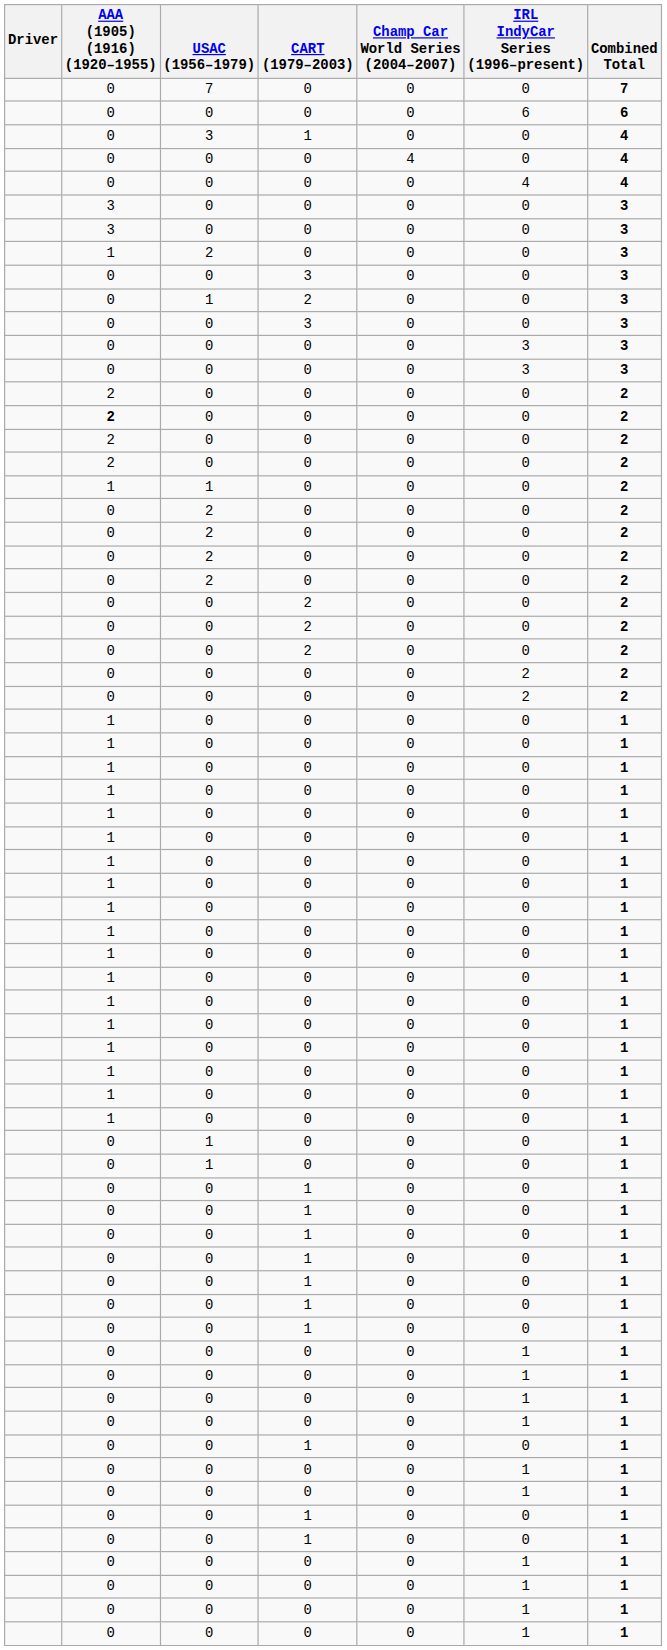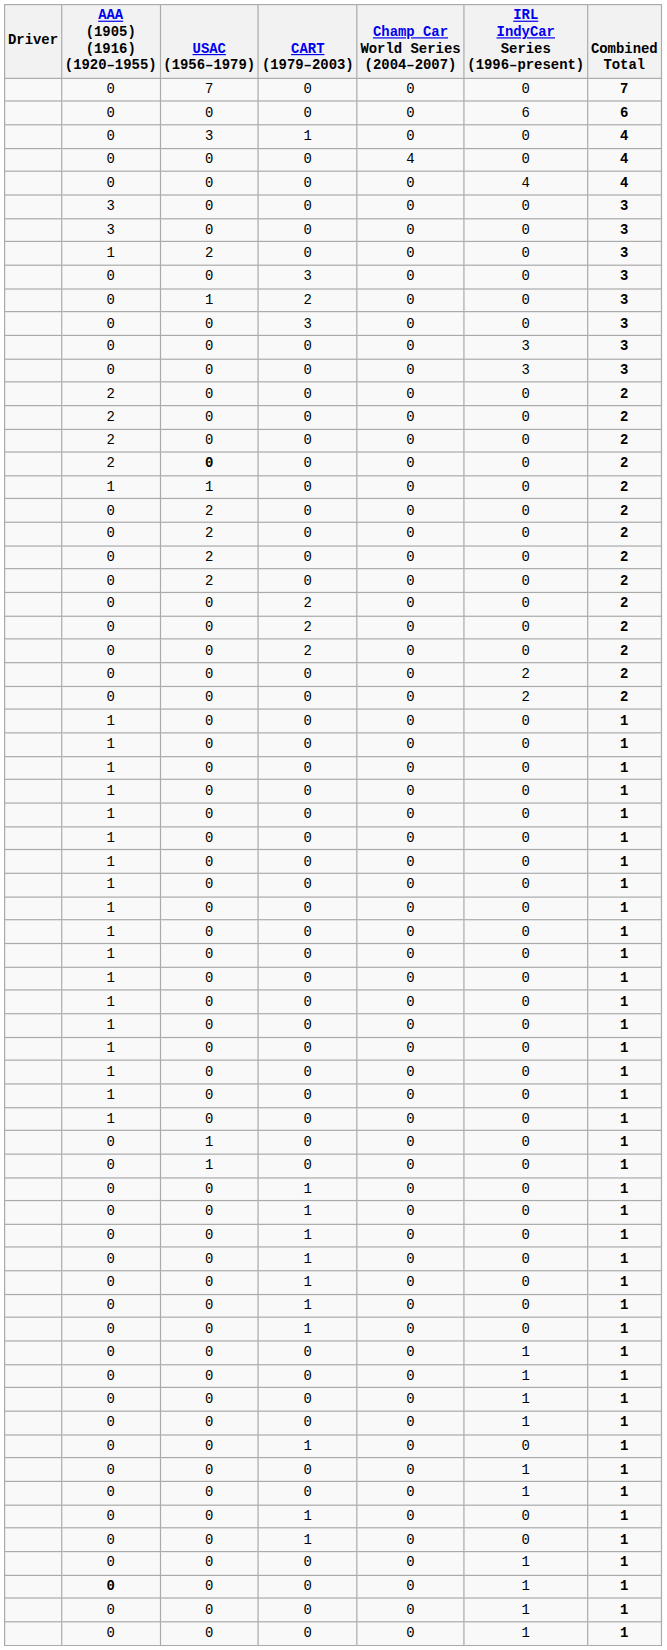 <table class="wikitable sortable" style="margin-top:0; text-align:center; font-size:90%;">
 <tr>
 <th>Driver</th>
 <th valign="bottom"><a href='#'>AAA</a><br>(1905)<br>(1916)<br>(1920–1955)<br></th>
 <th valign="bottom"><a href='#'>USAC</a><br>(1956–1979)<br></th>
 <th valign="bottom"><a href='#'>CART</a><br>(1979–2003)<br></th>
 <th valign="bottom"><a href='#'>Champ Car</a><br>World Series<br>(2004–2007)<br></th>
 <th valign="bottom"><a href='#'>IRL</a><br><a href='#'>IndyCar</a><br>Series<br>(1996–present)<br></th>
 <th valign="bottom">Combined<br>Total</th>
 </tr>
 <tr>
 <td align=left> </td>
 <td>0</td>
 <td>7</td>
 <td>0</td>
 <td>0</td>
 <td>0</td>
 <td><strong>7</strong></td>
 </tr>
 <tr>
 <td align=left> </td>
 <td>0</td>
 <td>0</td>
 <td>0</td>
 <td>0</td>
 <td>6</td>
 <td><strong>6</strong></td>
 </tr>
 <tr>
 <td align=left> </td>
 <td>0</td>
 <td>3</td>
 <td>1</td>
 <td>0</td>
 <td>0</td>
 <td><strong>4</strong></td>
 </tr>
 <tr>
 <td align=left> </td>
 <td>0</td>
 <td>0</td>
 <td>0</td>
 <td>4</td>
 <td>0</td>
 <td><strong>4</strong></td>
 </tr>
 <tr>
 <td align=left> </td>
 <td>0</td>
 <td>0</td>
 <td>0</td>
 <td>0</td>
 <td>4</td>
 <td><strong>4</strong></td>
 </tr>
 <tr>
 <td align=left> </td>
 <td>3</td>
 <td>0</td>
 <td>0</td>
 <td>0</td>
 <td>0</td>
 <td><strong>3</strong></td>
 </tr>
 <tr>
 <td align=left> </td>
 <td>3</td>
 <td>0</td>
 <td>0</td>
 <td>0</td>
 <td>0</td>
 <td><strong>3</strong></td>
 </tr>
 <tr>
 <td align=left> </td>
 <td>1</td>
 <td>2</td>
 <td>0</td>
 <td>0</td>
 <td>0</td>
 <td><strong>3</strong></td>
 </tr>
 <tr>
 <td align=left> </td>
 <td>0</td>
 <td>0</td>
 <td>3</td>
 <td>0</td>
 <td>0</td>
 <td><strong>3</strong></td>
 </tr>
 <tr>
 <td align=left> </td>
 <td>0</td>
 <td>1</td>
 <td>2</td>
 <td>0</td>
 <td>0</td>
 <td><strong>3</strong></td>
 </tr>
 <tr>
 <td align=left> </td>
 <td>0</td>
 <td>0</td>
 <td>3</td>
 <td>0</td>
 <td>0</td>
 <td><strong>3</strong></td>
 </tr>
 <tr>
 <td align=left> </td>
 <td>0</td>
 <td>0</td>
 <td>0</td>
 <td>0</td>
 <td>3</td>
 <td><strong>3</strong></td>
 </tr>
 <tr>
 <td align=left> </td>
 <td>0</td>
 <td>0</td>
 <td>0</td>
 <td>0</td>
 <td>3</td>
 <td><strong>3</strong></td>
 </tr>
 <tr>
 <td align=left> </td>
 <td>2</td>
 <td>0</td>
 <td>0</td>
 <td>0</td>
 <td>0</td>
 <td><strong>2</strong></td>
 </tr>
 <tr>
 <td align=left> </td>
-<td><strong>2</strong></td>
+<td>2</td>
 <td>0</td>
 <td>0</td>
 <td>0</td>
 <td>0</td>
 <td><strong>2</strong></td>
 </tr>
 <tr>
 <td align=left> </td>
 <td>2</td>
 <td>0</td>
 <td>0</td>
 <td>0</td>
 <td>0</td>
 <td><strong>2</strong></td>
 </tr>
 <tr>
 <td align=left> </td>
 <td>2</td>
-<td>0</td>
+<td><strong>0</strong></td>
 <td>0</td>
 <td>0</td>
 <td>0</td>
 <td><strong>2</strong></td>
 </tr>
 <tr>
 <td align=left> </td>
 <td>1</td>
 <td>1</td>
 <td>0</td>
 <td>0</td>
 <td>0</td>
 <td><strong>2</strong></td>
 </tr>
 <tr>
 <td align=left> </td>
 <td>0</td>
 <td>2</td>
 <td>0</td>
 <td>0</td>
 <td>0</td>
 <td><strong>2</strong></td>
 </tr>
 <tr>
 <td align=left> </td>
 <td>0</td>
 <td>2</td>
 <td>0</td>
 <td>0</td>
 <td>0</td>
 <td><strong>2</strong></td>
 </tr>
 <tr>
 <td align=left> </td>
 <td>0</td>
 <td>2</td>
 <td>0</td>
 <td>0</td>
 <td>0</td>
 <td><strong>2</strong></td>
 </tr>
 <tr>
 <td align=left> </td>
 <td>0</td>
 <td>2</td>
 <td>0</td>
 <td>0</td>
 <td>0</td>
 <td><strong>2</strong></td>
 </tr>
 <tr>
 <td align=left> </td>
 <td>0</td>
 <td>0</td>
 <td>2</td>
 <td>0</td>
 <td>0</td>
 <td><strong>2</strong></td>
 </tr>
 <tr>
 <td align=left> </td>
 <td>0</td>
 <td>0</td>
 <td>2</td>
 <td>0</td>
 <td>0</td>
 <td><strong>2</strong></td>
 </tr>
 <tr>
 <td align=left> </td>
 <td>0</td>
 <td>0</td>
 <td>2</td>
 <td>0</td>
 <td>0</td>
 <td><strong>2</strong></td>
 </tr>
 <tr>
 <td align=left> </td>
 <td>0</td>
 <td>0</td>
 <td>0</td>
 <td>0</td>
 <td>2</td>
 <td><strong>2</strong></td>
 </tr>
 <tr>
 <td align=left> </td>
 <td>0</td>
 <td>0</td>
 <td>0</td>
 <td>0</td>
 <td>2</td>
 <td><strong>2</strong></td>
 </tr>
 <tr>
 <td align=left> </td>
 <td>1</td>
 <td>0</td>
 <td>0</td>
 <td>0</td>
 <td>0</td>
 <td><strong>1</strong></td>
 </tr>
 <tr>
 <td align=left> </td>
 <td>1</td>
 <td>0</td>
 <td>0</td>
 <td>0</td>
 <td>0</td>
 <td><strong>1</strong></td>
 </tr>
 <tr>
 <td align=left> </td>
 <td>1</td>
 <td>0</td>
 <td>0</td>
 <td>0</td>
 <td>0</td>
 <td><strong>1</strong></td>
 </tr>
 <tr>
 <td align=left> </td>
 <td>1</td>
 <td>0</td>
 <td>0</td>
 <td>0</td>
 <td>0</td>
 <td><strong>1</strong></td>
 </tr>
 <tr>
 <td align=left> </td>
 <td>1</td>
 <td>0</td>
 <td>0</td>
 <td>0</td>
 <td>0</td>
 <td><strong>1</strong></td>
 </tr>
 <tr>
 <td align=left> </td>
 <td>1</td>
 <td>0</td>
 <td>0</td>
 <td>0</td>
 <td>0</td>
 <td><strong>1</strong></td>
 </tr>
 <tr>
 <td align=left> </td>
 <td>1</td>
 <td>0</td>
 <td>0</td>
 <td>0</td>
 <td>0</td>
 <td><strong>1</strong></td>
 </tr>
 <tr>
 <td align=left> </td>
 <td>1</td>
 <td>0</td>
 <td>0</td>
 <td>0</td>
 <td>0</td>
 <td><strong>1</strong></td>
 </tr>
 <tr>
 <td align=left> </td>
 <td>1</td>
 <td>0</td>
 <td>0</td>
 <td>0</td>
 <td>0</td>
 <td><strong>1</strong></td>
 </tr>
 <tr>
 <td align=left> </td>
 <td>1</td>
 <td>0</td>
 <td>0</td>
 <td>0</td>
 <td>0</td>
 <td><strong>1</strong></td>
 </tr>
 <tr>
 <td align=left> </td>
 <td>1</td>
 <td>0</td>
 <td>0</td>
 <td>0</td>
 <td>0</td>
 <td><strong>1</strong></td>
 </tr>
 <tr>
 <td align=left> </td>
 <td>1</td>
 <td>0</td>
 <td>0</td>
 <td>0</td>
 <td>0</td>
 <td><strong>1</strong></td>
 </tr>
 <tr>
 <td align=left> </td>
 <td>1</td>
 <td>0</td>
 <td>0</td>
 <td>0</td>
 <td>0</td>
 <td><strong>1</strong></td>
 </tr>
 <tr>
 <td align=left> </td>
 <td>1</td>
 <td>0</td>
 <td>0</td>
 <td>0</td>
 <td>0</td>
 <td><strong>1</strong></td>
 </tr>
 <tr>
 <td align=left> </td>
 <td>1</td>
 <td>0</td>
 <td>0</td>
 <td>0</td>
 <td>0</td>
 <td><strong>1</strong></td>
 </tr>
 <tr>
 <td align=left> </td>
 <td>1</td>
 <td>0</td>
 <td>0</td>
 <td>0</td>
 <td>0</td>
 <td><strong>1</strong></td>
 </tr>
 <tr>
 <td align=left> </td>
 <td>1</td>
 <td>0</td>
 <td>0</td>
 <td>0</td>
 <td>0</td>
 <td><strong>1</strong></td>
 </tr>
 <tr>
 <td align=left> </td>
 <td>1</td>
 <td>0</td>
 <td>0</td>
 <td>0</td>
 <td>0</td>
 <td><strong>1</strong></td>
 </tr>
 <tr>
 <td align=left> </td>
 <td>0</td>
 <td>1</td>
 <td>0</td>
 <td>0</td>
 <td>0</td>
 <td><strong>1</strong></td>
 </tr>
 <tr>
 <td align=left> </td>
 <td>0</td>
 <td>1</td>
 <td>0</td>
 <td>0</td>
 <td>0</td>
 <td><strong>1</strong></td>
 </tr>
 <tr>
 <td align=left> </td>
 <td>0</td>
 <td>0</td>
 <td>1</td>
 <td>0</td>
 <td>0</td>
 <td><strong>1</strong></td>
 </tr>
 <tr>
 <td align=left> </td>
 <td>0</td>
 <td>0</td>
 <td>1</td>
 <td>0</td>
 <td>0</td>
 <td><strong>1</strong></td>
 </tr>
 <tr>
 <td align=left> </td>
 <td>0</td>
 <td>0</td>
 <td>1</td>
 <td>0</td>
 <td>0</td>
 <td><strong>1</strong></td>
 </tr>
 <tr>
 <td align=left> </td>
 <td>0</td>
 <td>0</td>
 <td>1</td>
 <td>0</td>
 <td>0</td>
 <td><strong>1</strong></td>
 </tr>
 <tr>
 <td align=left> </td>
 <td>0</td>
 <td>0</td>
 <td>1</td>
 <td>0</td>
 <td>0</td>
 <td><strong>1</strong></td>
 </tr>
 <tr>
 <td align=left> </td>
 <td>0</td>
 <td>0</td>
 <td>1</td>
 <td>0</td>
 <td>0</td>
 <td><strong>1</strong></td>
 </tr>
 <tr>
 <td align=left> </td>
 <td>0</td>
 <td>0</td>
 <td>1</td>
 <td>0</td>
 <td>0</td>
 <td><strong>1</strong></td>
 </tr>
 <tr>
 <td align=left> </td>
 <td>0</td>
 <td>0</td>
 <td>0</td>
 <td>0</td>
 <td>1</td>
 <td><strong>1</strong></td>
 </tr>
 <tr>
 <td align=left> </td>
 <td>0</td>
 <td>0</td>
 <td>0</td>
 <td>0</td>
 <td>1</td>
 <td><strong>1</strong></td>
 </tr>
 <tr>
 <td align=left> </td>
 <td>0</td>
 <td>0</td>
 <td>0</td>
 <td>0</td>
 <td>1</td>
 <td><strong>1</strong></td>
 </tr>
 <tr>
 <td align=left> </td>
 <td>0</td>
 <td>0</td>
 <td>0</td>
 <td>0</td>
 <td>1</td>
 <td><strong>1</strong></td>
 </tr>
 <tr>
 <td align=left> </td>
 <td>0</td>
 <td>0</td>
 <td>1</td>
 <td>0</td>
 <td>0</td>
 <td><strong>1</strong></td>
 </tr>
 <tr>
 <td align=left> </td>
 <td>0</td>
 <td>0</td>
 <td>0</td>
 <td>0</td>
 <td>1</td>
 <td><strong>1</strong></td>
 </tr>
 <tr>
 <td align=left> </td>
 <td>0</td>
 <td>0</td>
 <td>0</td>
 <td>0</td>
 <td>1</td>
 <td><strong>1</strong></td>
 </tr>
 <tr>
 <td align=left> </td>
 <td>0</td>
 <td>0</td>
 <td>1</td>
 <td>0</td>
 <td>0</td>
 <td><strong>1</strong></td>
 </tr>
 <tr>
 <td align=left> </td>
 <td>0</td>
 <td>0</td>
 <td>1</td>
 <td>0</td>
 <td>0</td>
 <td><strong>1</strong></td>
 </tr>
 <tr>
 <td align=left> </td>
 <td>0</td>
 <td>0</td>
 <td>0</td>
 <td>0</td>
 <td>1</td>
 <td><strong>1</strong></td>
 </tr>
 <tr>
 <td align=left> </td>
-<td>0</td>
+<td><strong>0</strong></td>
 <td>0</td>
 <td>0</td>
 <td>0</td>
 <td>1</td>
 <td><strong>1</strong></td>
 </tr>
 <tr>
 <td align=left> </td>
 <td>0</td>
 <td>0</td>
 <td>0</td>
 <td>0</td>
 <td>1</td>
 <td><strong>1</strong></td>
 </tr>
 <tr>
 <td align=left> </td>
 <td>0</td>
 <td>0</td>
 <td>0</td>
 <td>0</td>
 <td>1</td>
 <td><strong>1</strong></td>
 </tr>
 </table>
